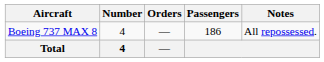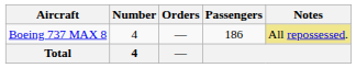 <table class="wikitable" style="margin:0.5em auto; text-align:center">
 <tr>
 <th>Aircraft</th>
 <th>Number</th>
 <th>Orders</th>
 <th>Passengers</th>
 <th>Notes</th>
 </tr>
 <tr>
 <td><a href='#'>Boeing 737 MAX 8</a></td>
 <td>4</td>
 <td>—</td>
 <td>186</td>
-<td>All <a href='#'>repossessed</a>.</td>
+<td style="background: khaki;">All <a href='#'>repossessed</a>.</td>
 </tr>
 <tr>
 <th>Total</th>
 <th align=center>4</th>
 <th align=center>—</th>
 <th colspan=2></th>
 </tr>
 </table>
